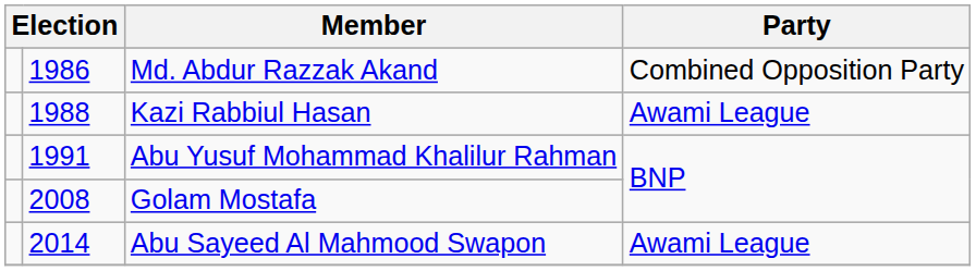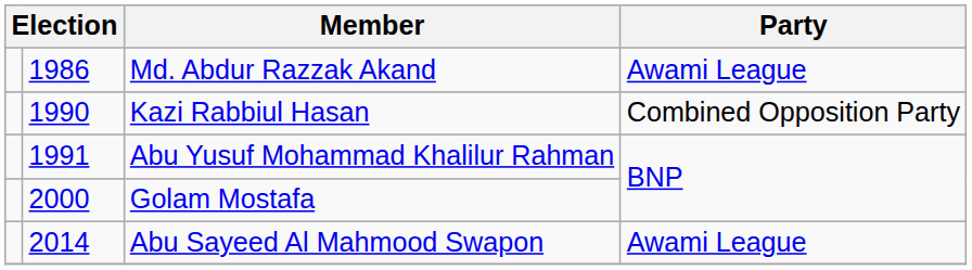 <table class="wikitable">
 <tr>
 <th colspan="2">Election</th>
 <th>Member</th>
 <th>Party</th>
 </tr>
 <tr>
 <td style="background-color:"></td>
 <td><a href='#'>1986</a></td>
 <td><a href='#'>Md. Abdur Razzak Akand</a></td>
-<td>Combined Opposition Party</td>
+<td><a href='#'>Awami League</a></td>
 </tr>
 <tr>
 <td style="background-color:"></td>
-<td><a href='#'>1988</a></td>
+<td><a href='#'>1990</a></td>
 <td><a href='#'>Kazi Rabbiul Hasan</a></td>
-<td><a href='#'>Awami League</a></td>
+<td>Combined Opposition Party</td>
 </tr>
 <tr>
 <td style="background-color:"></td>
 <td><a href='#'>1991</a></td>
 <td><a href='#'>Abu Yusuf Mohammad Khalilur Rahman</a></td>
 <td rowspan="2"><a href='#'>BNP</a></td>
 </tr>
 <tr>
 <td style="background-color:"></td>
-<td><a href='#'>2008</a></td>
+<td><a href='#'>2000</a></td>
 <td><a href='#'>Golam Mostafa</a></td>
 </tr>
 <tr>
 <td style="background-color:"></td>
 <td><a href='#'>2014</a></td>
 <td><a href='#'>Abu Sayeed Al Mahmood Swapon</a></td>
 <td><a href='#'>Awami League</a></td>
 </tr>
 <tr>
 </tr>
 </table>
